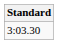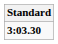 <table class="wikitable" border="1" align="upright">
 <tr>
 <th>Standard</th>
 </tr>
 <tr>
-<td>3:03.30</td>
+<td><strong>3:03.30</strong></td>
 </tr>
 </table>
